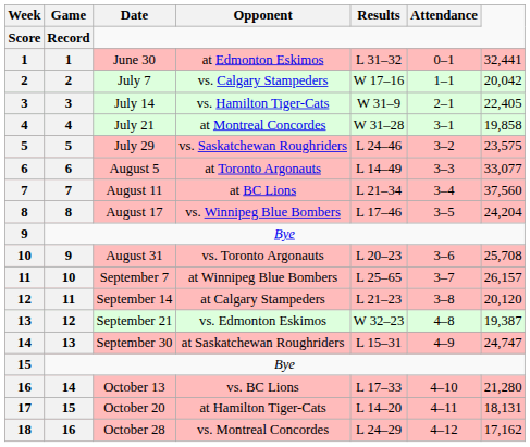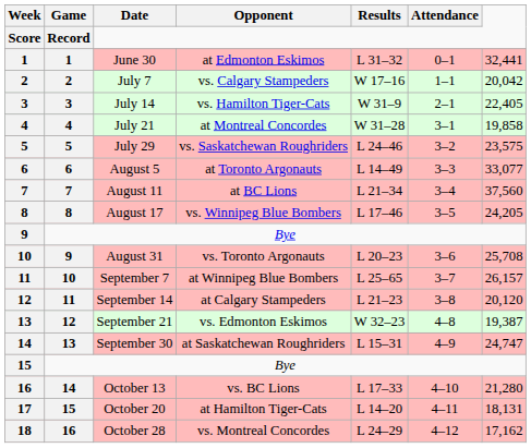 <table class="wikitable" style="text-align:center">
 <tr>
 <th>Week</th>
 <th>Game</th>
 <th>Date</th>
 <th>Opponent</th>
 <th>Results</th>
 <th>Attendance</th>
 </tr>
 <tr>
 <th>Score</th>
 <th>Record</th>
 </tr>
 <tr style="background:#ffbbbb">
 <th>1</th>
 <th>1</th>
 <td>June 30</td>
 <td>at <a href='#'>Edmonton Eskimos</a></td>
 <td>L 31–32</td>
 <td>0–1</td>
 <td>32,441</td>
 </tr>
 <tr style="background:#ddffdd">
 <th>2</th>
 <th>2</th>
 <td>July 7</td>
 <td>vs. <a href='#'>Calgary Stampeders</a></td>
 <td>W 17–16</td>
 <td>1–1</td>
 <td>20,042</td>
 </tr>
 <tr style="background:#ddffdd">
 <th>3</th>
 <th>3</th>
 <td>July 14</td>
 <td>vs. <a href='#'>Hamilton Tiger-Cats</a></td>
 <td>W 31–9</td>
 <td>2–1</td>
 <td>22,405</td>
 </tr>
 <tr style="background:#ddffdd">
 <th>4</th>
 <th>4</th>
 <td>July 21</td>
 <td>at <a href='#'>Montreal Concordes</a></td>
 <td>W 31–28</td>
 <td>3–1</td>
 <td>19,858</td>
 </tr>
 <tr style="background:#ffbbbb">
 <th>5</th>
 <th>5</th>
 <td>July 29</td>
 <td>vs. <a href='#'>Saskatchewan Roughriders</a></td>
 <td>L 24–46</td>
 <td>3–2</td>
 <td>23,575</td>
 </tr>
 <tr style="background:#ffbbbb">
 <th>6</th>
 <th>6</th>
 <td>August 5</td>
 <td>at <a href='#'>Toronto Argonauts</a></td>
 <td>L 14–49</td>
 <td>3–3</td>
 <td>33,077</td>
 </tr>
 <tr style="background:#ffbbbb">
 <th>7</th>
 <th>7</th>
 <td>August 11</td>
 <td>at <a href='#'>BC Lions</a></td>
 <td>L 21–34</td>
 <td>3–4</td>
 <td>37,560</td>
 </tr>
 <tr style="background:#ffbbbb">
 <th>8</th>
 <th>8</th>
 <td>August 17</td>
 <td>vs. <a href='#'>Winnipeg Blue Bombers</a></td>
 <td>L 17–46</td>
 <td>3–5</td>
-<td>24,204</td>
+<td>24,205</td>
 </tr>
 <tr>
 <th>9</th>
 <td colspan=7><em><a href='#'>Bye</a></em></td>
 </tr>
 <tr style="background:#ffbbbb">
 <th>10</th>
 <th>9</th>
 <td>August 31</td>
 <td>vs. Toronto Argonauts</td>
 <td>L 20–23</td>
 <td>3–6</td>
 <td>25,708</td>
 </tr>
 <tr style="background:#ffbbbb">
 <th>11</th>
 <th>10</th>
 <td>September 7</td>
 <td>at Winnipeg Blue Bombers</td>
 <td>L 25–65</td>
 <td>3–7</td>
 <td>26,157</td>
 </tr>
 <tr style="background:#ffbbbb">
 <th>12</th>
 <th>11</th>
 <td>September 14</td>
 <td>at Calgary Stampeders</td>
 <td>L 21–23</td>
 <td>3–8</td>
 <td>20,120</td>
 </tr>
 <tr style="background:#ddffdd">
 <th>13</th>
 <th>12</th>
 <td>September 21</td>
 <td>vs. Edmonton Eskimos</td>
 <td>W 32–23</td>
 <td>4–8</td>
 <td>19,387</td>
 </tr>
 <tr style="background:#ffbbbb">
 <th>14</th>
 <th>13</th>
 <td>September 30</td>
 <td>at Saskatchewan Roughriders</td>
 <td>L 15–31</td>
 <td>4–9</td>
 <td>24,747</td>
 </tr>
 <tr>
 <th>15</th>
 <td colspan=7><em>Bye</em></td>
 </tr>
 <tr style="background:#ffbbbb">
 <th>16</th>
 <th>14</th>
 <td>October 13</td>
 <td>vs. BC Lions</td>
 <td>L 17–33</td>
 <td>4–10</td>
 <td>21,280</td>
 </tr>
 <tr style="background:#ffbbbb">
 <th>17</th>
 <th>15</th>
 <td>October 20</td>
 <td>at Hamilton Tiger-Cats</td>
 <td>L 14–20</td>
 <td>4–11</td>
 <td>18,131</td>
 </tr>
 <tr style="background:#ffbbbb">
 <th>18</th>
 <th>16</th>
 <td>October 28</td>
 <td>vs. Montreal Concordes</td>
 <td>L 24–29</td>
 <td>4–12</td>
 <td>17,162</td>
 </tr>
 </table>
